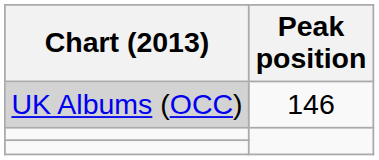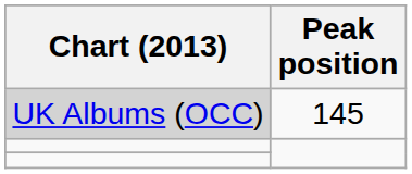 <table class="wikitable unsortable plainrowheaders">
 <tr>
 <th scope="col">Chart (2013)</th>
 <th scope="col">Peak<br>position</th>
 </tr>
 <tr>
 <td style="background: lightgrey;"><a href='#'>UK Albums</a> (<a href='#'>OCC</a>)</td>
-<td style="text-align:center;">146</td>
+<td style="text-align:center;">145</td>
 </tr>
 <tr>
 <td></td>
 </tr>
 <tr>
 <td></td>
 </tr>
 </table>
